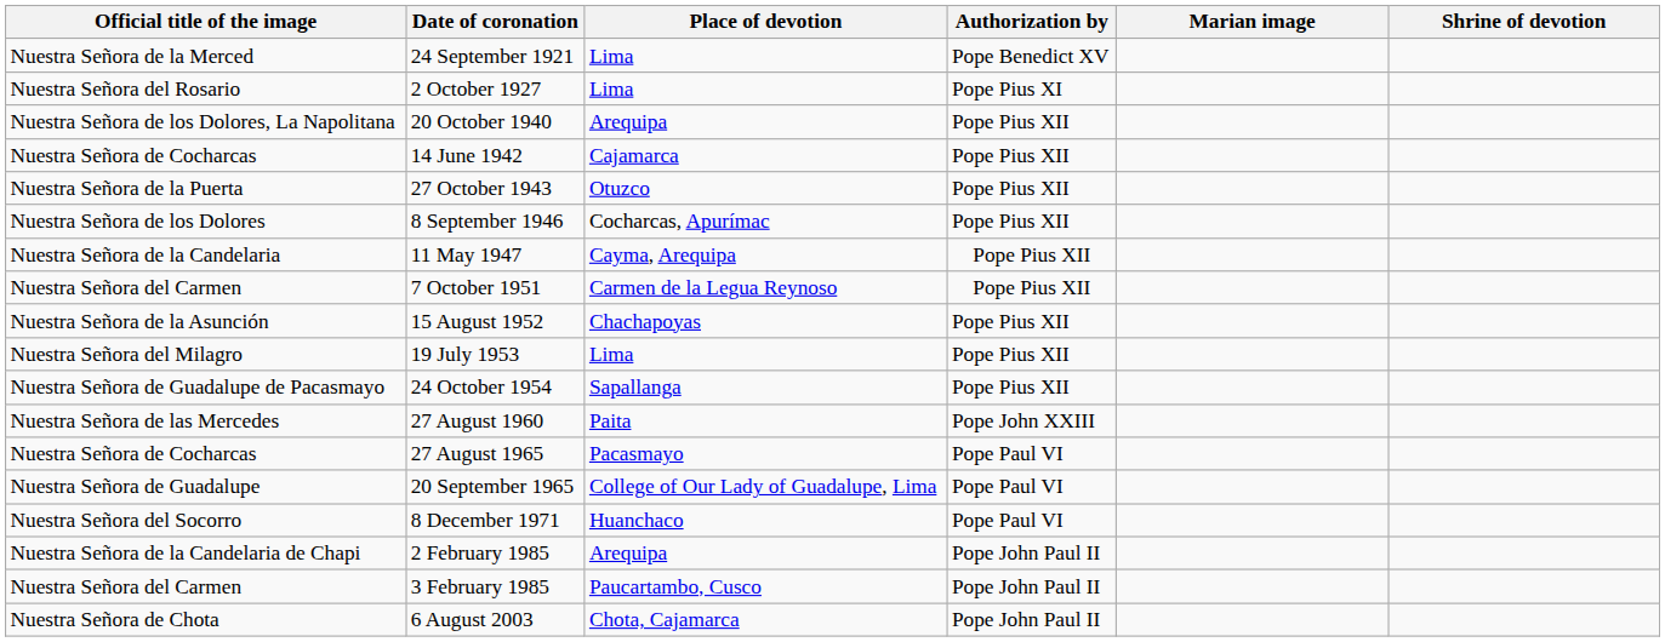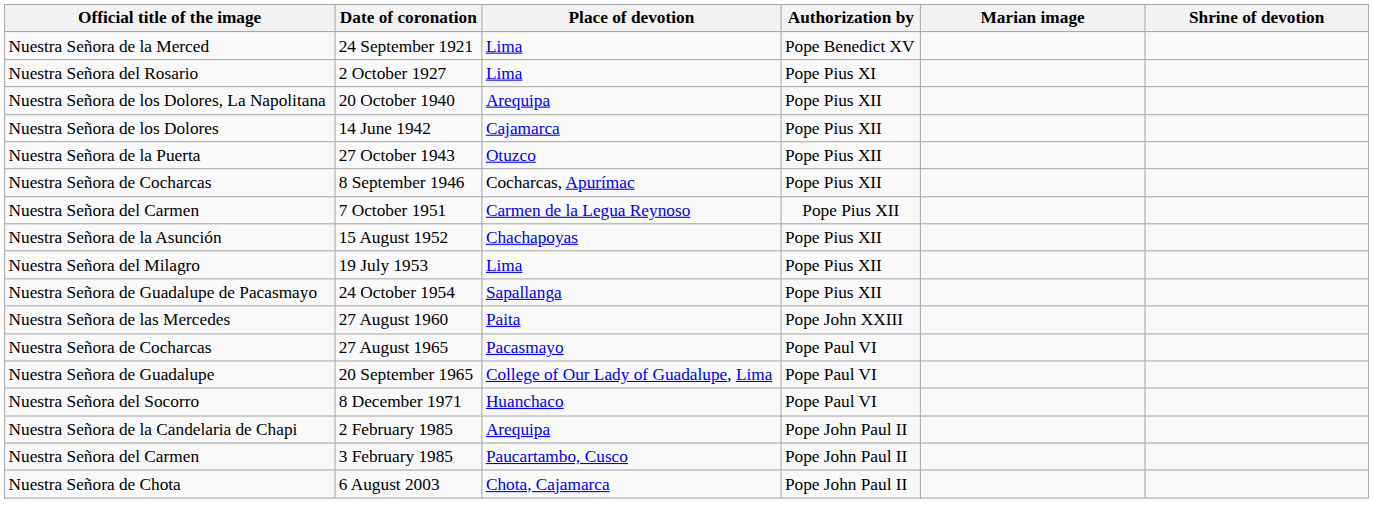 <table class="wikitable sortable" width="100%">
 <tr>
 <th>Official title of the image</th>
 <th data-sort-type="date">Date of coronation</th>
 <th>Place of devotion</th>
 <th>Authorization by</th>
 <th width=200px class=unsortable>Marian image</th>
 <th width=200px class=unsortable>Shrine of devotion</th>
 </tr>
 <tr>
 <td>Nuestra Señora de la Merced</td>
 <td>24 September 1921</td>
 <td><a href='#'>Lima</a></td>
 <td>Pope Benedict XV</td>
 <td></td>
 <td></td>
 </tr>
 <tr>
 <td>Nuestra Señora del Rosario</td>
 <td>2 October 1927</td>
 <td><a href='#'>Lima</a></td>
 <td>Pope Pius XI </td>
 <td></td>
 <td></td>
 </tr>
 <tr>
 <td>Nuestra Señora de los Dolores, La Napolitana</td>
 <td>20 October 1940</td>
 <td><a href='#'>Arequipa</a></td>
 <td>Pope Pius XII</td>
 <td></td>
 <td></td>
 </tr>
 <tr>
-<td>Nuestra Señora de Cocharcas</td>
+<td>Nuestra Señora de los Dolores</td>
 <td>14 June 1942</td>
 <td><a href='#'>Cajamarca</a></td>
 <td>Pope Pius XII</td>
 <td></td>
 <td></td>
 </tr>
 <tr>
 <td>Nuestra Señora de la Puerta</td>
 <td>27 October 1943</td>
 <td><a href='#'>Otuzco</a></td>
 <td>Pope Pius XII</td>
 <td></td>
 <td></td>
 </tr>
 <tr>
-<td>Nuestra Señora de los Dolores</td>
+<td>Nuestra Señora de Cocharcas</td>
 <td>8 September 1946</td>
 <td>Cocharcas, <a href='#'>Apurímac</a></td>
 <td>Pope Pius XII</td>
-<td></td>
-<td></td>
-</tr>
-<tr>
-<td>Nuestra Señora de la Candelaria</td>
-<td>11 May 1947</td>
-<td><a href='#'>Cayma</a>, <a href='#'>Arequipa</a></td>
-<td style="text-align:center;">Pope Pius XII </td>
 <td></td>
 <td></td>
 </tr>
 <tr>
 <td>Nuestra Señora del Carmen</td>
 <td>7 October 1951</td>
 <td><a href='#'>Carmen de la Legua Reynoso</a></td>
 <td style="text-align:center;">Pope Pius XII</td>
 <td></td>
 <td></td>
 </tr>
 <tr>
 <td>Nuestra Señora de la Asunción</td>
 <td>15 August 1952</td>
 <td><a href='#'>Chachapoyas</a></td>
 <td>Pope Pius XII</td>
 <td></td>
 <td></td>
 </tr>
 <tr>
 <td>Nuestra Señora del Milagro</td>
 <td>19 July 1953</td>
 <td><a href='#'>Lima</a></td>
 <td>Pope Pius XII</td>
 <td></td>
 <td></td>
 </tr>
 <tr>
 <td>Nuestra Señora de Guadalupe de Pacasmayo</td>
 <td>24 October 1954</td>
 <td><a href='#'>Sapallanga</a></td>
 <td>Pope Pius XII</td>
 <td></td>
 <td></td>
 </tr>
 <tr>
 <td>Nuestra Señora de las Mercedes</td>
 <td>27 August 1960</td>
 <td><a href='#'>Paita</a></td>
 <td>Pope John XXIII</td>
 <td></td>
 <td></td>
 </tr>
 <tr>
 <td>Nuestra Señora de Cocharcas</td>
 <td>27 August 1965</td>
 <td><a href='#'>Pacasmayo</a></td>
 <td>Pope Paul VI</td>
 <td></td>
 <td></td>
 </tr>
 <tr>
 <td>Nuestra Señora de Guadalupe</td>
 <td>20 September 1965</td>
 <td><a href='#'>College of Our Lady of Guadalupe</a>, <a href='#'>Lima</a></td>
 <td>Pope Paul VI</td>
 <td></td>
 <td></td>
 </tr>
 <tr>
 <td>Nuestra Señora del Socorro</td>
 <td>8 December 1971</td>
 <td><a href='#'>Huanchaco</a></td>
 <td>Pope Paul VI</td>
 <td></td>
 <td></td>
 </tr>
 <tr>
 <td>Nuestra Señora de la Candelaria de Chapi</td>
 <td>2 February 1985</td>
 <td><a href='#'>Arequipa</a></td>
 <td>Pope John Paul II</td>
 <td></td>
 <td></td>
 </tr>
 <tr>
 <td>Nuestra Señora del Carmen</td>
 <td>3 February 1985</td>
 <td><a href='#'>Paucartambo, Cusco</a></td>
 <td>Pope John Paul II</td>
 <td></td>
 <td></td>
 </tr>
 <tr>
 <td>Nuestra Señora de Chota</td>
 <td>6 August 2003</td>
 <td><a href='#'>Chota, Cajamarca</a></td>
 <td>Pope John Paul II</td>
 <td></td>
 <td></td>
 </tr>
 </table>
